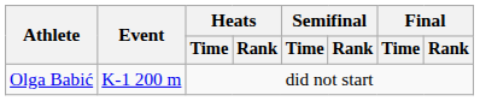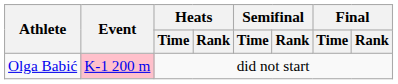 <table class="wikitable" style="text-align:center; font-size:90%">
 <tr>
 <th rowspan=2>Athlete</th>
 <th rowspan=2>Event</th>
 <th colspan=2>Heats</th>
 <th colspan=2>Semifinal</th>
 <th colspan=2>Final</th>
 </tr>
 <tr style="font-size:95%">
 <th>Time</th>
 <th>Rank</th>
 <th>Time</th>
 <th>Rank</th>
 <th>Time</th>
 <th>Rank</th>
 </tr>
 <tr>
 <td align=left><a href='#'>Olga Babić</a></td>
-<td align=left><a href='#'>K-1 200 m</a></td>
+<td align=left style="background: pink;"><a href='#'>K-1 200 m</a></td>
 <td colspan=6>did not start</td>
 </tr>
 </table>
